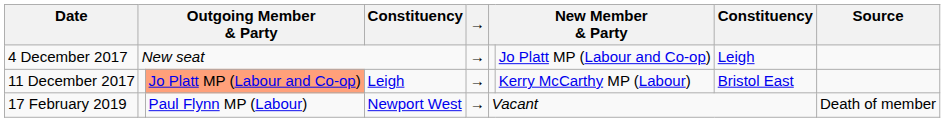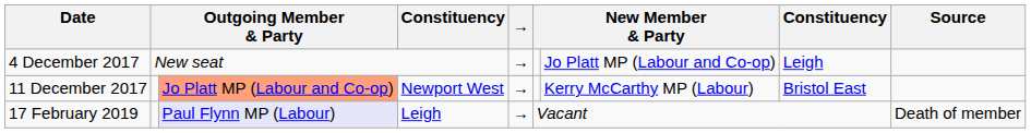 <table class="wikitable">
 <tr>
 <th valign="top">Date</th>
 <th colspan="2" valign="top">Outgoing Member<br>& Party</th>
 <th valign="top">Constituency</th>
 <th>→</th>
 <th colspan="2" valign="top">New Member<br>& Party</th>
 <th valign="top">Constituency</th>
 <th valign="top">Source</th>
 </tr>
 <tr>
 <td>4 December 2017</td>
 <td colspan=3><em>New seat</em></td>
 <td>→</td>
 <td style="color:inherit;background:"></td>
 <td><a href='#'>Jo Platt</a> MP (<a href='#'>Labour and Co-op</a>)</td>
 <td><a href='#'>Leigh</a></td>
 <td></td>
 </tr>
 <tr>
 <td>11 December 2017</td>
 <td style="color:inherit;background:"></td>
 <td style="background: lightsalmon;"><a href='#'>Jo Platt</a> MP (<a href='#'>Labour and Co-op</a>)</td>
-<td><a href='#'>Leigh</a></td>
+<td><a href='#'>Newport West</a></td>
 <td>→</td>
 <td style="color:inherit;background:"></td>
 <td><a href='#'>Kerry McCarthy</a> MP (<a href='#'>Labour</a>)</td>
 <td><a href='#'>Bristol East</a></td>
 <td></td>
 </tr>
 <tr>
 <td>17 February 2019</td>
 <td style="color:inherit;background:"></td>
-<td><a href='#'>Paul Flynn</a> MP (<a href='#'>Labour</a>)</td>
-<td><a href='#'>Newport West</a></td>
+<td style="background: lavender;"><a href='#'>Paul Flynn</a> MP (<a href='#'>Labour</a>)</td>
+<td><a href='#'>Leigh</a></td>
 <td>→</td>
 <td colspan=3><em>Vacant</em></td>
 <td>Death of member</td>
 </tr>
 </table>
